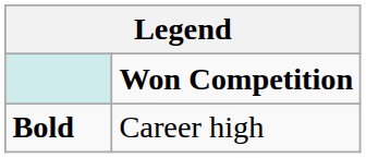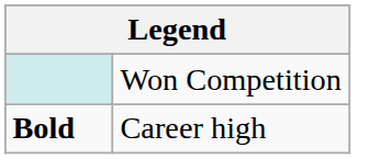 <table class="wikitable">
 <tr>
 <th colspan="2">Legend</th>
 </tr>
 <tr>
 <td style="background:#cfecec; width:3em;"></td>
-<td><strong>Won Competition</strong></td>
+<td>Won Competition</td>
 </tr>
 <tr>
 <td><strong>Bold</strong></td>
 <td>Career high</td>
 </tr>
 </table>
